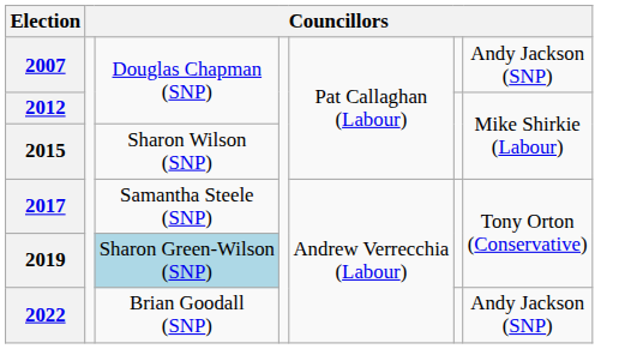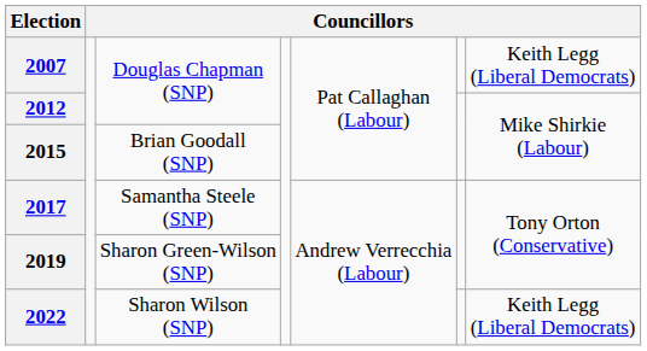 <table class="wikitable" style="text-align:center">
 <tr>
 <th>Election</th>
 <th colspan=6>Councillors</th>
 </tr>
 <tr>
 <th><a href='#'>2007</a></th>
 <td rowspan=6; style="background-color: "></td>
 <td rowspan=2><a href='#'>Douglas Chapman</a><br>(<a href='#'>SNP</a>)</td>
 <td rowspan=6; style="background-color: "></td>
 <td rowspan=3>Pat Callaghan<br>(<a href='#'>Labour</a>)</td>
 <td rowspan=1; style="background-color: "></td>
-<td rowspan=1>Andy Jackson<br>(<a href='#'>SNP</a>)</td>
+<td rowspan=1>Keith Legg<br>(<a href='#'>Liberal Democrats</a>)</td>
 </tr>
 <tr>
 <th><a href='#'>2012</a></th>
 <td rowspan=2; style="background-color: "></td>
 <td rowspan=2>Mike Shirkie<br>(<a href='#'>Labour</a>)</td>
 </tr>
 <tr>
 <th>2015</th>
-<td rowspan=1>Sharon Wilson<br>(<a href='#'>SNP</a>)</td>
+<td rowspan=1>Brian Goodall<br>(<a href='#'>SNP</a>)</td>
 </tr>
 <tr>
 <th><a href='#'>2017</a></th>
 <td rowspan=1>Samantha Steele<br>(<a href='#'>SNP</a>)</td>
 <td rowspan=3>Andrew Verrecchia<br>(<a href='#'>Labour</a>)</td>
 <td rowspan=2; style="background-color: "></td>
 <td rowspan=2>Tony Orton<br>(<a href='#'>Conservative</a>)</td>
 </tr>
 <tr>
 <th>2019</th>
-<td rowspan=1 style="background: lightblue;">Sharon Green-Wilson<br>(<a href='#'>SNP</a>)</td>
+<td rowspan=1>Sharon Green-Wilson<br>(<a href='#'>SNP</a>)</td>
 </tr>
 <tr>
 <th><a href='#'>2022</a></th>
-<td rowspan=1>Brian Goodall<br>(<a href='#'>SNP</a>)</td>
+<td rowspan=1>Sharon Wilson<br>(<a href='#'>SNP</a>)</td>
 <td rowspan=1; style="background-color: "></td>
-<td rowspan=1>Andy Jackson<br>(<a href='#'>SNP</a>)</td>
+<td rowspan=1>Keith Legg<br>(<a href='#'>Liberal Democrats</a>)</td>
 </tr>
 </table>
